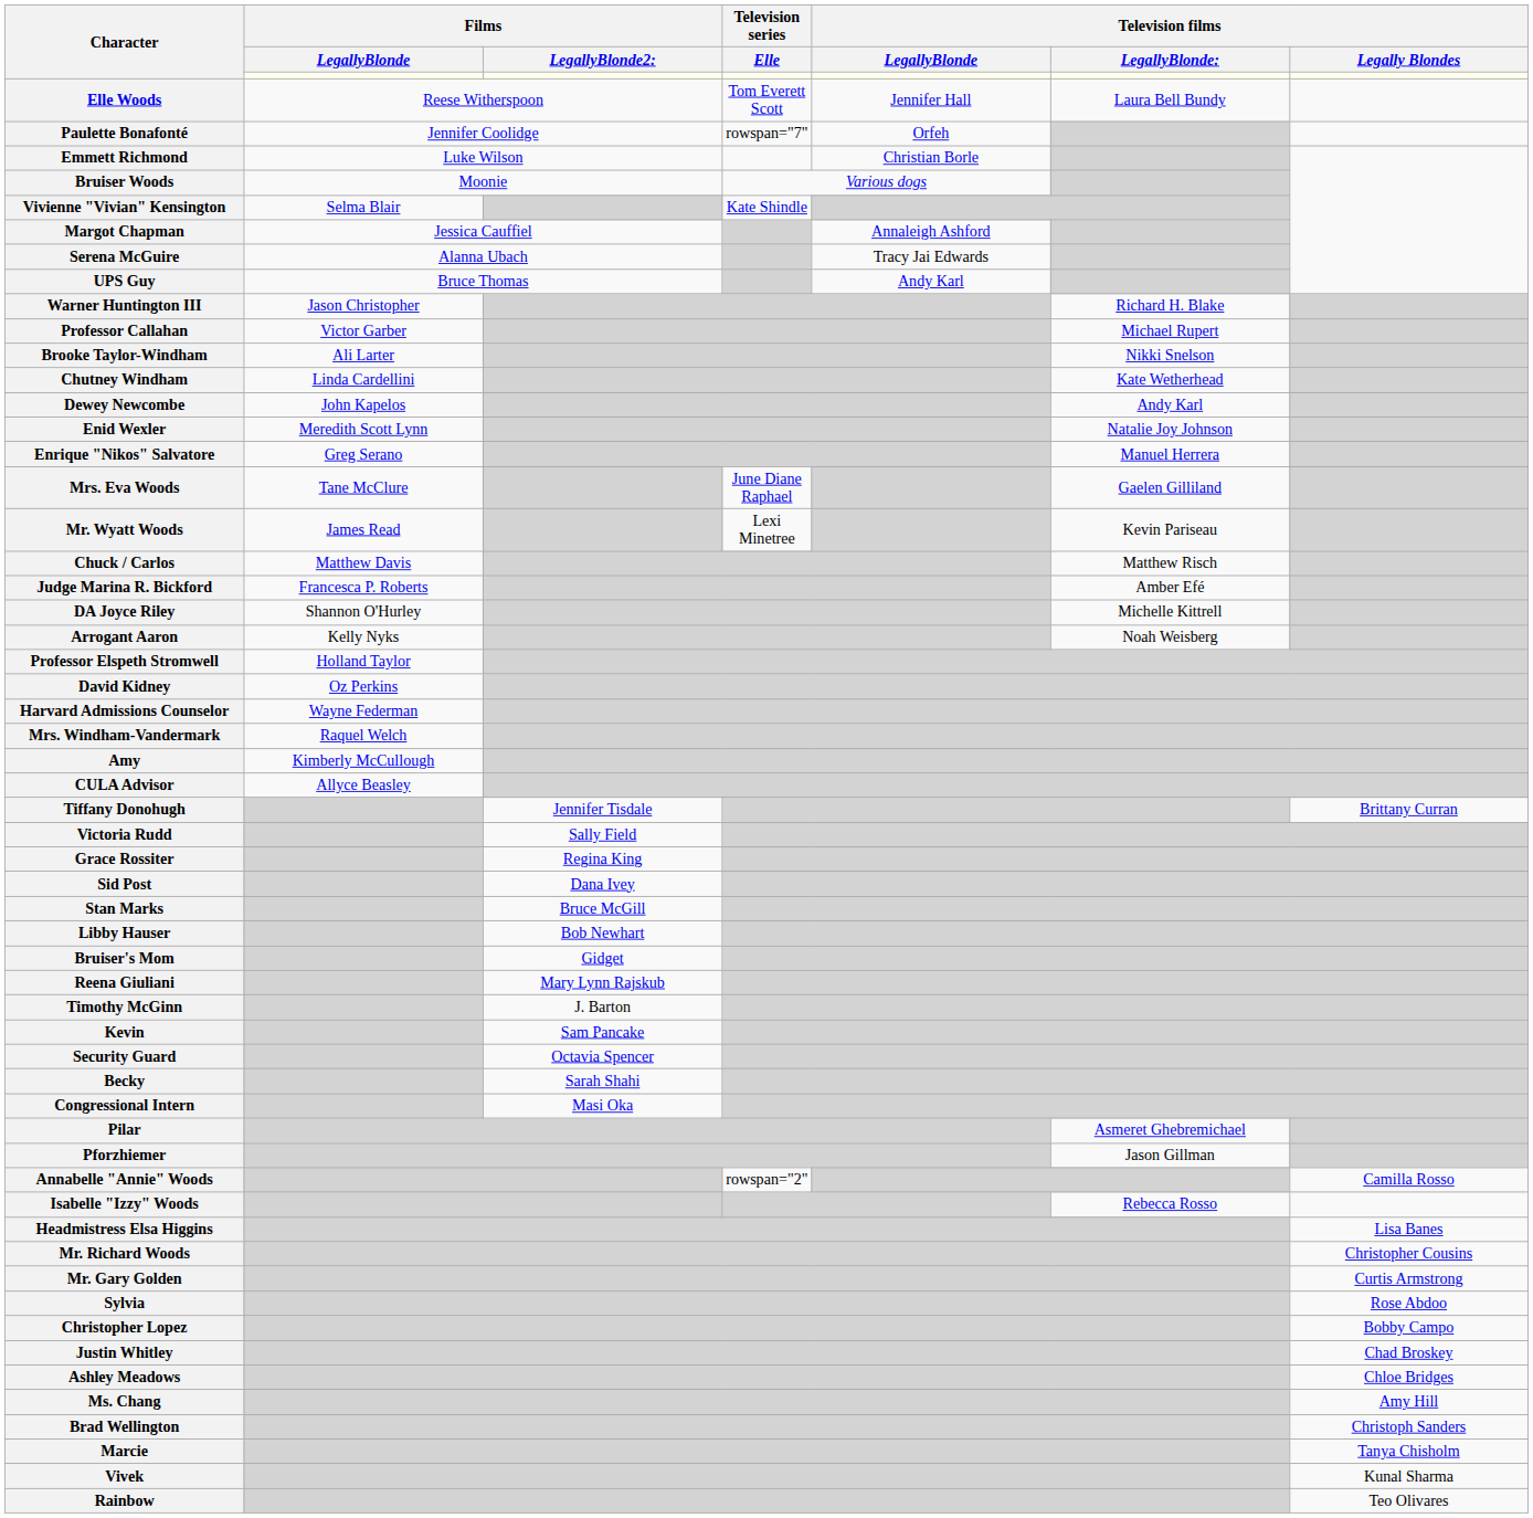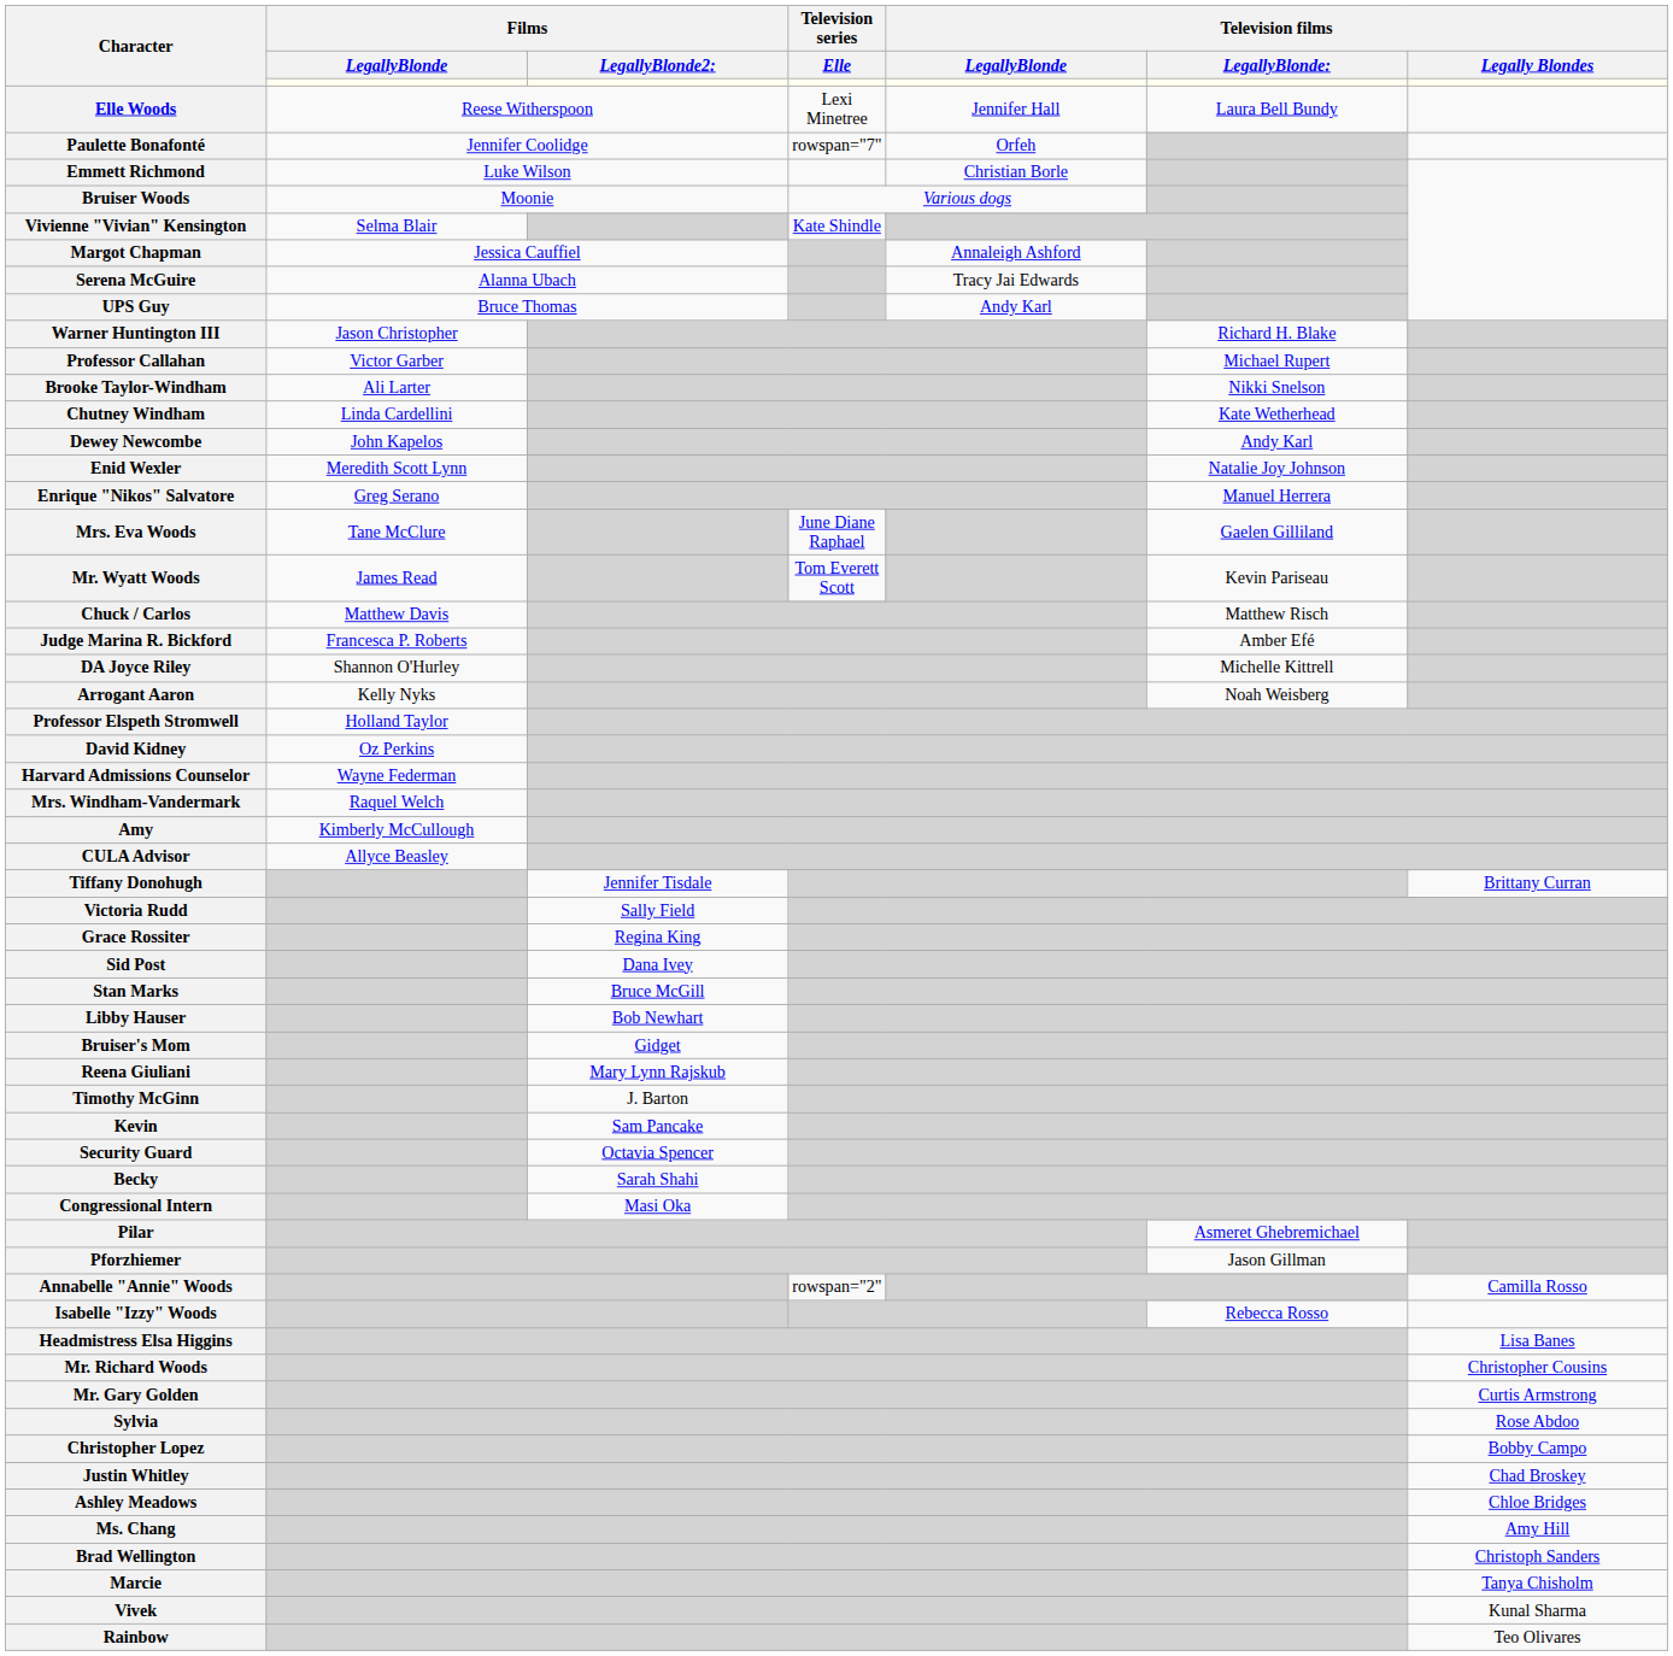 <table class="wikitable" style="text-align:center;">
 <tr>
 <th rowspan="3" width="16%">Character</th>
 <th colspan="2" align="center">Films</th>
 <th><strong>Television</strong> series</th>
 <th colspan="3">Television films</th>
 </tr>
 <tr>
 <th align="center" width="16%"><a href='#'><em>LegallyBlonde</em></a></th>
 <th align="center" width="16%"><a href='#'><em>LegallyBlonde2:<br></em></a></th>
 <th><em><a href='#'>Elle</a></em></th>
 <th align="center" width="16%"><a href='#'><em>LegallyBlonde</em></a></th>
 <th align="center" width="16%"><a href='#'><em>LegallyBlonde:<br></em></a></th>
 <th align="center" width="16%"><em><a href='#'>Legally Blondes</a></em></th>
 </tr>
 <tr>
 <th style="background:ivory;"></th>
 <th style="background:ivory;"></th>
 <th style="background:ivory;"></th>
 <th style="background:ivory;"></th>
 <th style="background:ivory;"></th>
 <th style="background:ivory;"></th>
 </tr>
 <tr>
 <th><a href='#'>Elle Woods</a></th>
 <td colspan="2"><a href='#'>Reese Witherspoon</a></td>
-<td><a href='#'>Tom Everett Scott</a></td>
+<td>Lexi Minetree</td>
 <td><a href='#'>Jennifer Hall</a></td>
 <td><a href='#'>Laura Bell Bundy</a></td>
 <td></td>
 </tr>
 <tr>
 <th>Paulette Bonafonté</th>
 <td colspan="2"><a href='#'>Jennifer Coolidge</a></td>
 <td>rowspan="7" </td>
 <td><a href='#'>Orfeh</a></td>
 <td style="background:lightgrey;"></td>
 <td></td>
 </tr>
 <tr>
 <th>Emmett Richmond</th>
 <td colspan="2"><a href='#'>Luke Wilson</a></td>
 <td></td>
 <td><a href='#'>Christian Borle</a></td>
 <td style="background:lightgrey;"></td>
 </tr>
 <tr>
 <th>Bruiser Woods</th>
 <td colspan="2"><a href='#'>Moonie</a></td>
 <td colspan="2"><a href='#'><em>Various dogs</em></a></td>
 <td style="background:lightgrey;"></td>
 </tr>
 <tr>
 <th>Vivienne "Vivian" Kensington</th>
 <td><a href='#'>Selma Blair</a></td>
 <td style="background:lightgrey;"></td>
 <td><a href='#'>Kate Shindle</a></td>
 <td colspan="2" style="background:lightgrey;"></td>
 </tr>
 <tr>
 <th>Margot Chapman</th>
 <td colspan="2"><a href='#'>Jessica Cauffiel</a></td>
 <td style="background:lightgrey;"></td>
 <td><a href='#'>Annaleigh Ashford</a></td>
 <td style="background:lightgrey;"></td>
 </tr>
 <tr>
 <th>Serena McGuire</th>
 <td colspan="2"><a href='#'>Alanna Ubach</a></td>
 <td style="background:lightgrey;"></td>
 <td>Tracy Jai Edwards</td>
 <td style="background:lightgrey;"></td>
 </tr>
 <tr>
 <th>UPS Guy</th>
 <td colspan="2"><a href='#'>Bruce Thomas</a></td>
 <td style="background:lightgrey;"></td>
 <td><a href='#'>Andy Karl</a></td>
 <td style="background:lightgrey;"></td>
 </tr>
 <tr>
 <th>Warner Huntington III</th>
 <td><a href='#'>Jason Christopher</a></td>
 <td colspan="3" style="background:lightgrey;"></td>
 <td><a href='#'>Richard H. Blake</a></td>
 <td style="background:lightgrey;"></td>
 </tr>
 <tr>
 <th>Professor Callahan</th>
 <td><a href='#'>Victor Garber</a></td>
 <td colspan="3" style="background:lightgrey;"></td>
 <td><a href='#'>Michael Rupert</a></td>
 <td style="background:lightgrey;"></td>
 </tr>
 <tr>
 <th>Brooke Taylor-Windham</th>
 <td><a href='#'>Ali Larter</a></td>
 <td colspan="3" style="background:lightgrey;"></td>
 <td><a href='#'>Nikki Snelson</a></td>
 <td style="background:lightgrey;"></td>
 </tr>
 <tr>
 <th>Chutney Windham</th>
 <td><a href='#'>Linda Cardellini</a></td>
 <td colspan="3" style="background:lightgrey;"></td>
 <td><a href='#'>Kate Wetherhead</a></td>
 <td style="background:lightgrey;"></td>
 </tr>
 <tr>
 <th>Dewey Newcombe</th>
 <td><a href='#'>John Kapelos</a></td>
 <td colspan="3" style="background:lightgrey;"></td>
 <td><a href='#'>Andy Karl</a></td>
 <td style="background:lightgrey;"></td>
 </tr>
 <tr>
 <th>Enid Wexler</th>
 <td><a href='#'>Meredith Scott Lynn</a></td>
 <td colspan="3" style="background:lightgrey;"></td>
 <td><a href='#'>Natalie Joy Johnson</a></td>
 <td style="background:lightgrey;"></td>
 </tr>
 <tr>
 <th>Enrique "Nikos" Salvatore</th>
 <td><a href='#'>Greg Serano</a></td>
 <td colspan="3" style="background:lightgrey;"></td>
 <td><a href='#'>Manuel Herrera</a></td>
 <td style="background:lightgrey;"></td>
 </tr>
 <tr>
 <th>Mrs. Eva Woods</th>
 <td><a href='#'>Tane McClure</a></td>
 <td style="background:lightgrey;"></td>
 <td><a href='#'>June Diane Raphael</a></td>
 <td style="background:lightgrey;"></td>
 <td><a href='#'>Gaelen Gilliland</a></td>
 <td style="background:lightgrey;"></td>
 </tr>
 <tr>
 <th>Mr. Wyatt Woods</th>
 <td><a href='#'>James Read</a></td>
 <td style="background:lightgrey;"></td>
-<td>Lexi Minetree</td>
+<td><a href='#'>Tom Everett Scott</a></td>
 <td style="background:lightgrey;"></td>
 <td>Kevin Pariseau</td>
 <td style="background:lightgrey;"></td>
 </tr>
 <tr>
 <th>Chuck / Carlos</th>
 <td><a href='#'>Matthew Davis</a></td>
 <td colspan="3" style="background:lightgrey;"></td>
 <td>Matthew Risch</td>
 <td style="background:lightgrey;"></td>
 </tr>
 <tr>
 <th>Judge Marina R. Bickford</th>
 <td><a href='#'>Francesca P. Roberts</a></td>
 <td colspan="3" style="background:lightgrey;"></td>
 <td>Amber Efé</td>
 <td style="background:lightgrey;"></td>
 </tr>
 <tr>
 <th>DA Joyce Riley</th>
 <td>Shannon O'Hurley</td>
 <td colspan="3" style="background:lightgrey;"></td>
 <td>Michelle Kittrell</td>
 <td style="background:lightgrey;"></td>
 </tr>
 <tr>
 <th>Arrogant Aaron</th>
 <td>Kelly Nyks</td>
 <td colspan="3" style="background:lightgrey;"></td>
 <td>Noah Weisberg</td>
 <td style="background:lightgrey;"></td>
 </tr>
 <tr>
 <th>Professor Elspeth Stromwell</th>
 <td><a href='#'>Holland Taylor</a></td>
 <td colspan="5" style="background:lightgrey;"></td>
 </tr>
 <tr>
 <th>David Kidney</th>
 <td><a href='#'>Oz Perkins</a></td>
 <td colspan="5" style="background:lightgrey;"></td>
 </tr>
 <tr>
 <th>Harvard Admissions Counselor</th>
 <td><a href='#'>Wayne Federman</a></td>
 <td colspan="5" style="background:lightgrey;"></td>
 </tr>
 <tr>
 <th>Mrs. Windham-Vandermark</th>
 <td><a href='#'>Raquel Welch</a></td>
 <td colspan="5" style="background:lightgrey;"></td>
 </tr>
 <tr>
 <th>Amy</th>
 <td><a href='#'>Kimberly McCullough</a></td>
 <td colspan="5" style="background:lightgrey;"></td>
 </tr>
 <tr>
 <th>CULA Advisor</th>
 <td><a href='#'>Allyce Beasley</a></td>
 <td colspan="5" style="background:lightgrey;"></td>
 </tr>
 <tr>
 <th>Tiffany Donohugh</th>
 <td style="background:lightgrey;"></td>
 <td><a href='#'>Jennifer Tisdale</a></td>
 <td colspan="3" style="background:lightgrey;"></td>
 <td><a href='#'>Brittany Curran</a></td>
 </tr>
 <tr>
 <th>Victoria Rudd</th>
 <td style="background:lightgrey;"></td>
 <td><a href='#'>Sally Field</a></td>
 <td colspan="4" style="background:lightgrey;"></td>
 </tr>
 <tr>
 <th>Grace Rossiter</th>
 <td style="background:lightgrey;"></td>
 <td><a href='#'>Regina King</a></td>
 <td colspan="4" style="background:lightgrey;"></td>
 </tr>
 <tr>
 <th>Sid Post</th>
 <td style="background:lightgrey;"></td>
 <td><a href='#'>Dana Ivey</a></td>
 <td colspan="4" style="background:lightgrey;"></td>
 </tr>
 <tr>
 <th>Stan Marks</th>
 <td style="background:lightgrey;"></td>
 <td><a href='#'>Bruce McGill</a></td>
 <td colspan="4" style="background:lightgrey;"></td>
 </tr>
 <tr>
 <th>Libby Hauser</th>
 <td style="background:lightgrey;"></td>
 <td><a href='#'>Bob Newhart</a></td>
 <td colspan="4" style="background:lightgrey;"></td>
 </tr>
 <tr>
 <th>Bruiser's Mom</th>
 <td style="background:lightgrey;"></td>
 <td><a href='#'>Gidget</a></td>
 <td colspan="4" style="background:lightgrey;"></td>
 </tr>
 <tr>
 <th>Reena Giuliani</th>
 <td style="background:lightgrey;"></td>
 <td><a href='#'>Mary Lynn Rajskub</a></td>
 <td colspan="4" style="background:lightgrey;"></td>
 </tr>
 <tr>
 <th>Timothy McGinn</th>
 <td style="background:lightgrey;"></td>
 <td>J. Barton</td>
 <td colspan="4" style="background:lightgrey;"></td>
 </tr>
 <tr>
 <th>Kevin</th>
 <td style="background:lightgrey;"></td>
 <td><a href='#'>Sam Pancake</a></td>
 <td colspan="4" style="background:lightgrey;"></td>
 </tr>
 <tr>
 <th>Security Guard</th>
 <td style="background:lightgrey;"></td>
 <td><a href='#'>Octavia Spencer</a></td>
 <td colspan="4" style="background:lightgrey;"></td>
 </tr>
 <tr>
 <th>Becky</th>
 <td style="background:lightgrey;"></td>
 <td><a href='#'>Sarah Shahi</a></td>
 <td colspan="4" style="background:lightgrey;"></td>
 </tr>
 <tr>
 <th>Congressional Intern</th>
 <td style="background:lightgrey;"></td>
 <td><a href='#'>Masi Oka</a></td>
 <td colspan="4" style="background:lightgrey;"></td>
 </tr>
 <tr>
 <th>Pilar</th>
 <td colspan="4" style="background:lightgrey;"></td>
 <td><a href='#'>Asmeret Ghebremichael</a></td>
 <td colspan="4" style="background:lightgrey;"></td>
 </tr>
 <tr>
 <th>Pforzhiemer</th>
 <td colspan="4" style="background:lightgrey;"></td>
 <td>Jason Gillman</td>
 <td colspan="4" style="background:lightgrey;"></td>
 </tr>
 <tr>
 <th>Annabelle "Annie" Woods</th>
 <td colspan="2" style="background:lightgrey;"></td>
 <td>rowspan="2" </td>
 <td colspan="2" style="background:lightgrey;"></td>
 <td><a href='#'>Camilla Rosso</a></td>
 </tr>
 <tr>
 <th>Isabelle "Izzy" Woods</th>
 <td colspan="2" style="background:lightgrey;"></td>
 <td colspan="2" style="background:lightgrey;"></td>
 <td><a href='#'>Rebecca Rosso</a></td>
 </tr>
 <tr>
 <th>Headmistress Elsa Higgins</th>
 <td colspan="5" style="background:lightgrey;"></td>
 <td><a href='#'>Lisa Banes</a></td>
 </tr>
 <tr>
 <th>Mr. Richard Woods</th>
 <td colspan="5" style="background:lightgrey;"></td>
 <td><a href='#'>Christopher Cousins</a></td>
 </tr>
 <tr>
 <th>Mr. Gary Golden</th>
 <td colspan="5" style="background:lightgrey;"></td>
 <td><a href='#'>Curtis Armstrong</a></td>
 </tr>
 <tr>
 <th>Sylvia</th>
 <td colspan="5" style="background:lightgrey;"></td>
 <td><a href='#'>Rose Abdoo</a></td>
 </tr>
 <tr>
 <th>Christopher Lopez</th>
 <td colspan="5" style="background:lightgrey;"></td>
 <td><a href='#'>Bobby Campo</a></td>
 </tr>
 <tr>
 <th>Justin Whitley</th>
 <td colspan="5" style="background:lightgrey;"></td>
 <td><a href='#'>Chad Broskey</a></td>
 </tr>
 <tr>
 <th>Ashley Meadows</th>
 <td colspan="5" style="background:lightgrey;"></td>
 <td><a href='#'>Chloe Bridges</a></td>
 </tr>
 <tr>
 <th>Ms. Chang</th>
 <td colspan="5" style="background:lightgrey;"></td>
 <td><a href='#'>Amy Hill</a></td>
 </tr>
 <tr>
 <th>Brad Wellington</th>
 <td colspan="5" style="background:lightgrey;"></td>
 <td><a href='#'>Christoph Sanders</a></td>
 </tr>
 <tr>
 <th>Marcie</th>
 <td colspan="5" style="background:lightgrey;"></td>
 <td><a href='#'>Tanya Chisholm</a></td>
 </tr>
 <tr>
 <th>Vivek</th>
 <td colspan="5" style="background:lightgrey;"></td>
 <td>Kunal Sharma</td>
 </tr>
 <tr>
 <th>Rainbow</th>
 <td colspan="5" style="background:lightgrey;"></td>
 <td>Teo Olivares</td>
 </tr>
 </table>
